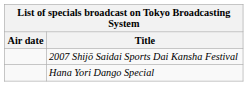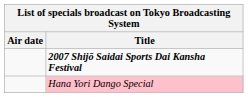 <table class="wikitable" style="clear:none; padding:0 auto; width:60%; margin:auto align:left;">
 <tr>
 <th colspan=3>List of specials broadcast on Tokyo Broadcasting System</th>
 </tr>
 <tr>
 <th>Air date</th>
 <th>Title</th>
 </tr>
 <tr>
 <td></td>
-<td><em>2007 Shijō Saidai Sports Dai Kansha Festival</em></td>
+<td><strong><em>2007 Shijō Saidai Sports Dai Kansha Festival</em></strong></td>
 </tr>
 <tr>
 <td></td>
-<td><em>Hana Yori Dango Special</em></td>
+<td style="background: pink;"><em>Hana Yori Dango Special</em></td>
 </tr>
 </table>
